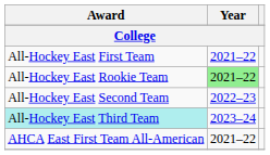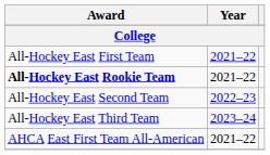 <table class="wikitable">
 <tr>
 <th>Award</th>
 <th>Year</th>
 <th></th>
 </tr>
 <tr ALIGN="center" bgcolor="#e0e0e0">
 </tr>
 <tr ALIGN="center" bgcolor="#e0e0e0">
 <th colspan="3"><a href='#'>College</a></th>
 </tr>
 <tr>
 <td>All-<a href='#'>Hockey East</a> <a href='#'>First Team</a></td>
 <td><a href='#'>2021–22</a></td>
 <td></td>
 </tr>
 <tr>
-<td>All-<a href='#'>Hockey East</a> <a href='#'>Rookie Team</a></td>
-<td style="background: lightgreen;">2021–22</td>
+<td><strong>All-<a href='#'>Hockey East</a> <a href='#'>Rookie Team</a></strong></td>
+<td>2021–22</td>
 <td></td>
 </tr>
 <tr>
 <td>All-<a href='#'>Hockey East</a> <a href='#'>Second Team</a></td>
 <td><a href='#'>2022–23</a></td>
 <td></td>
 </tr>
 <tr>
-<td style="background: paleturquoise;">All-<a href='#'>Hockey East</a> <a href='#'>Third Team</a></td>
+<td>All-<a href='#'>Hockey East</a> <a href='#'>Third Team</a></td>
 <td><a href='#'>2023–24</a></td>
 <td></td>
 </tr>
 <tr>
 <td><a href='#'>AHCA</a> <a href='#'>East First Team All-American</a></td>
 <td>2021–22</td>
 <td></td>
 </tr>
 <tr>
 </tr>
 </table>
